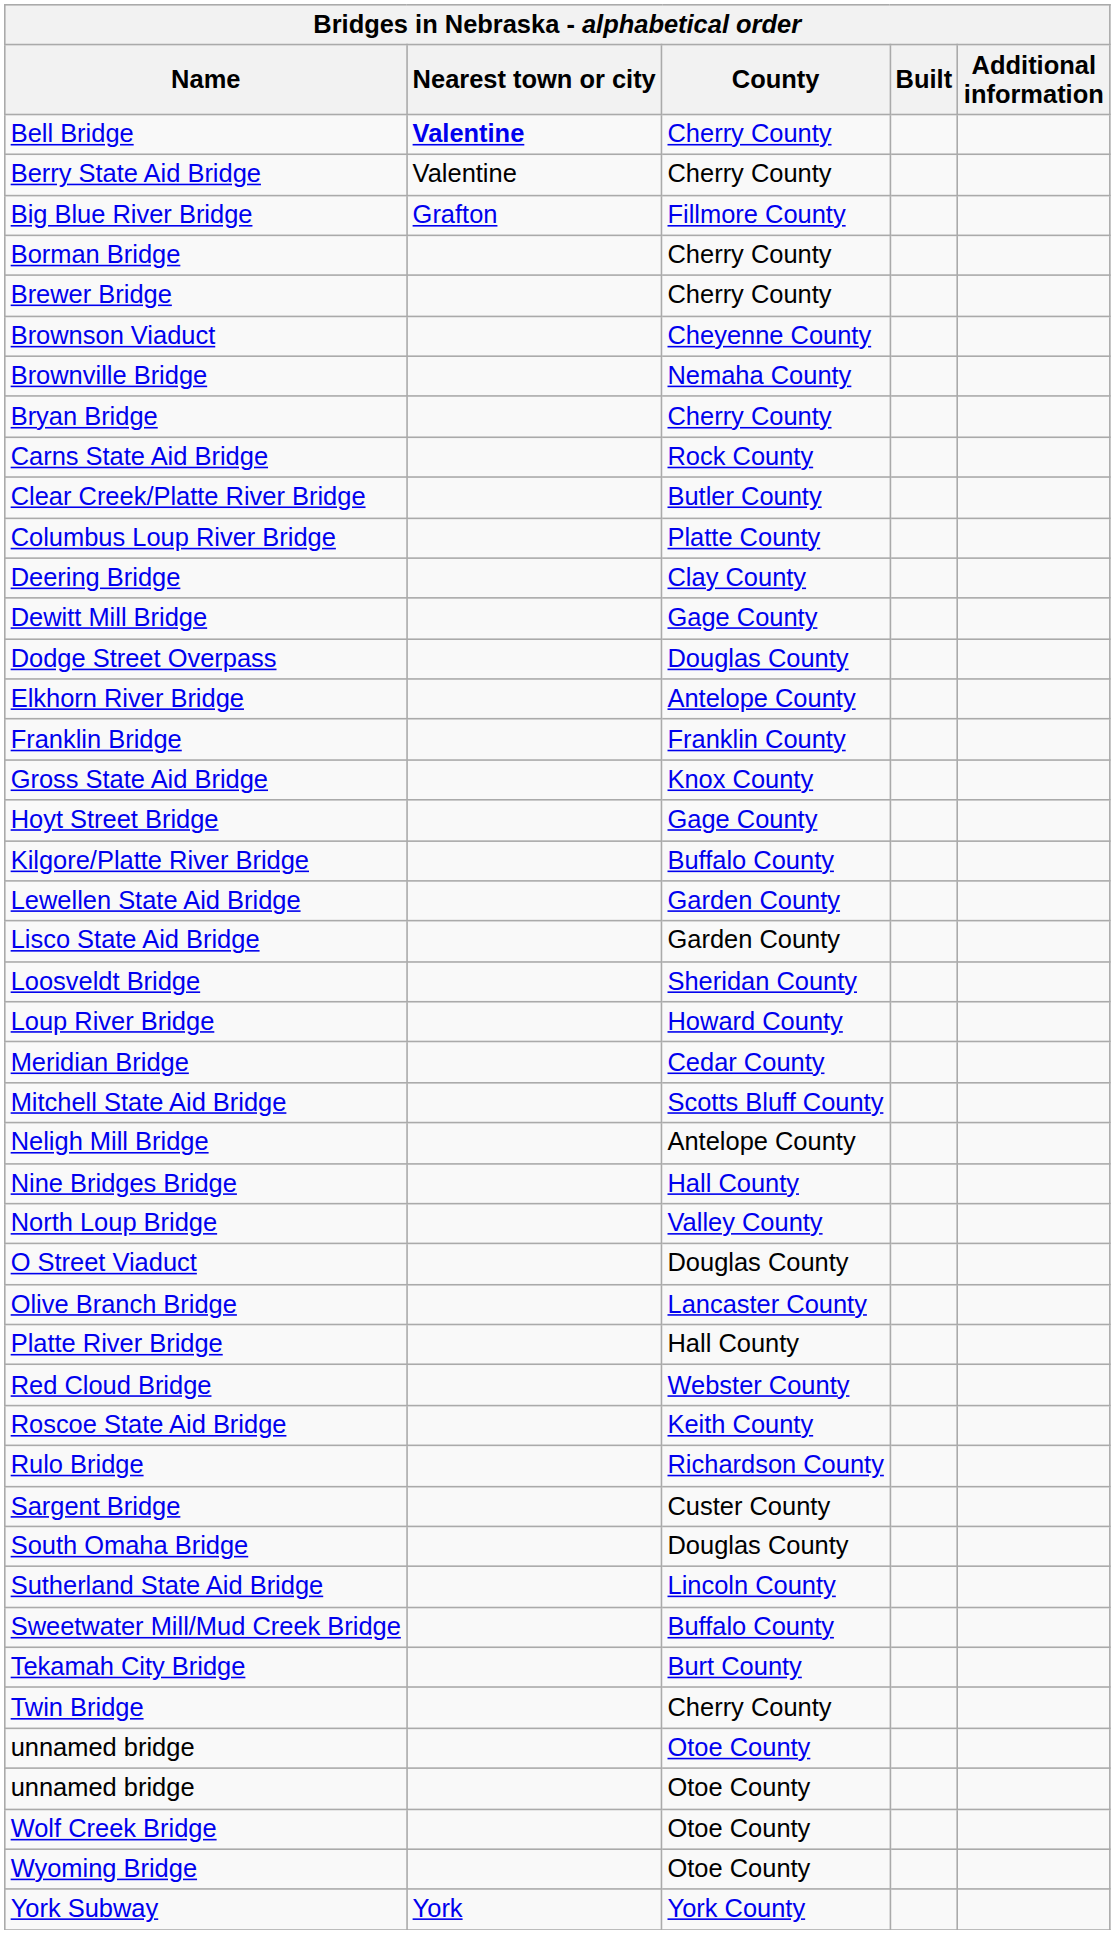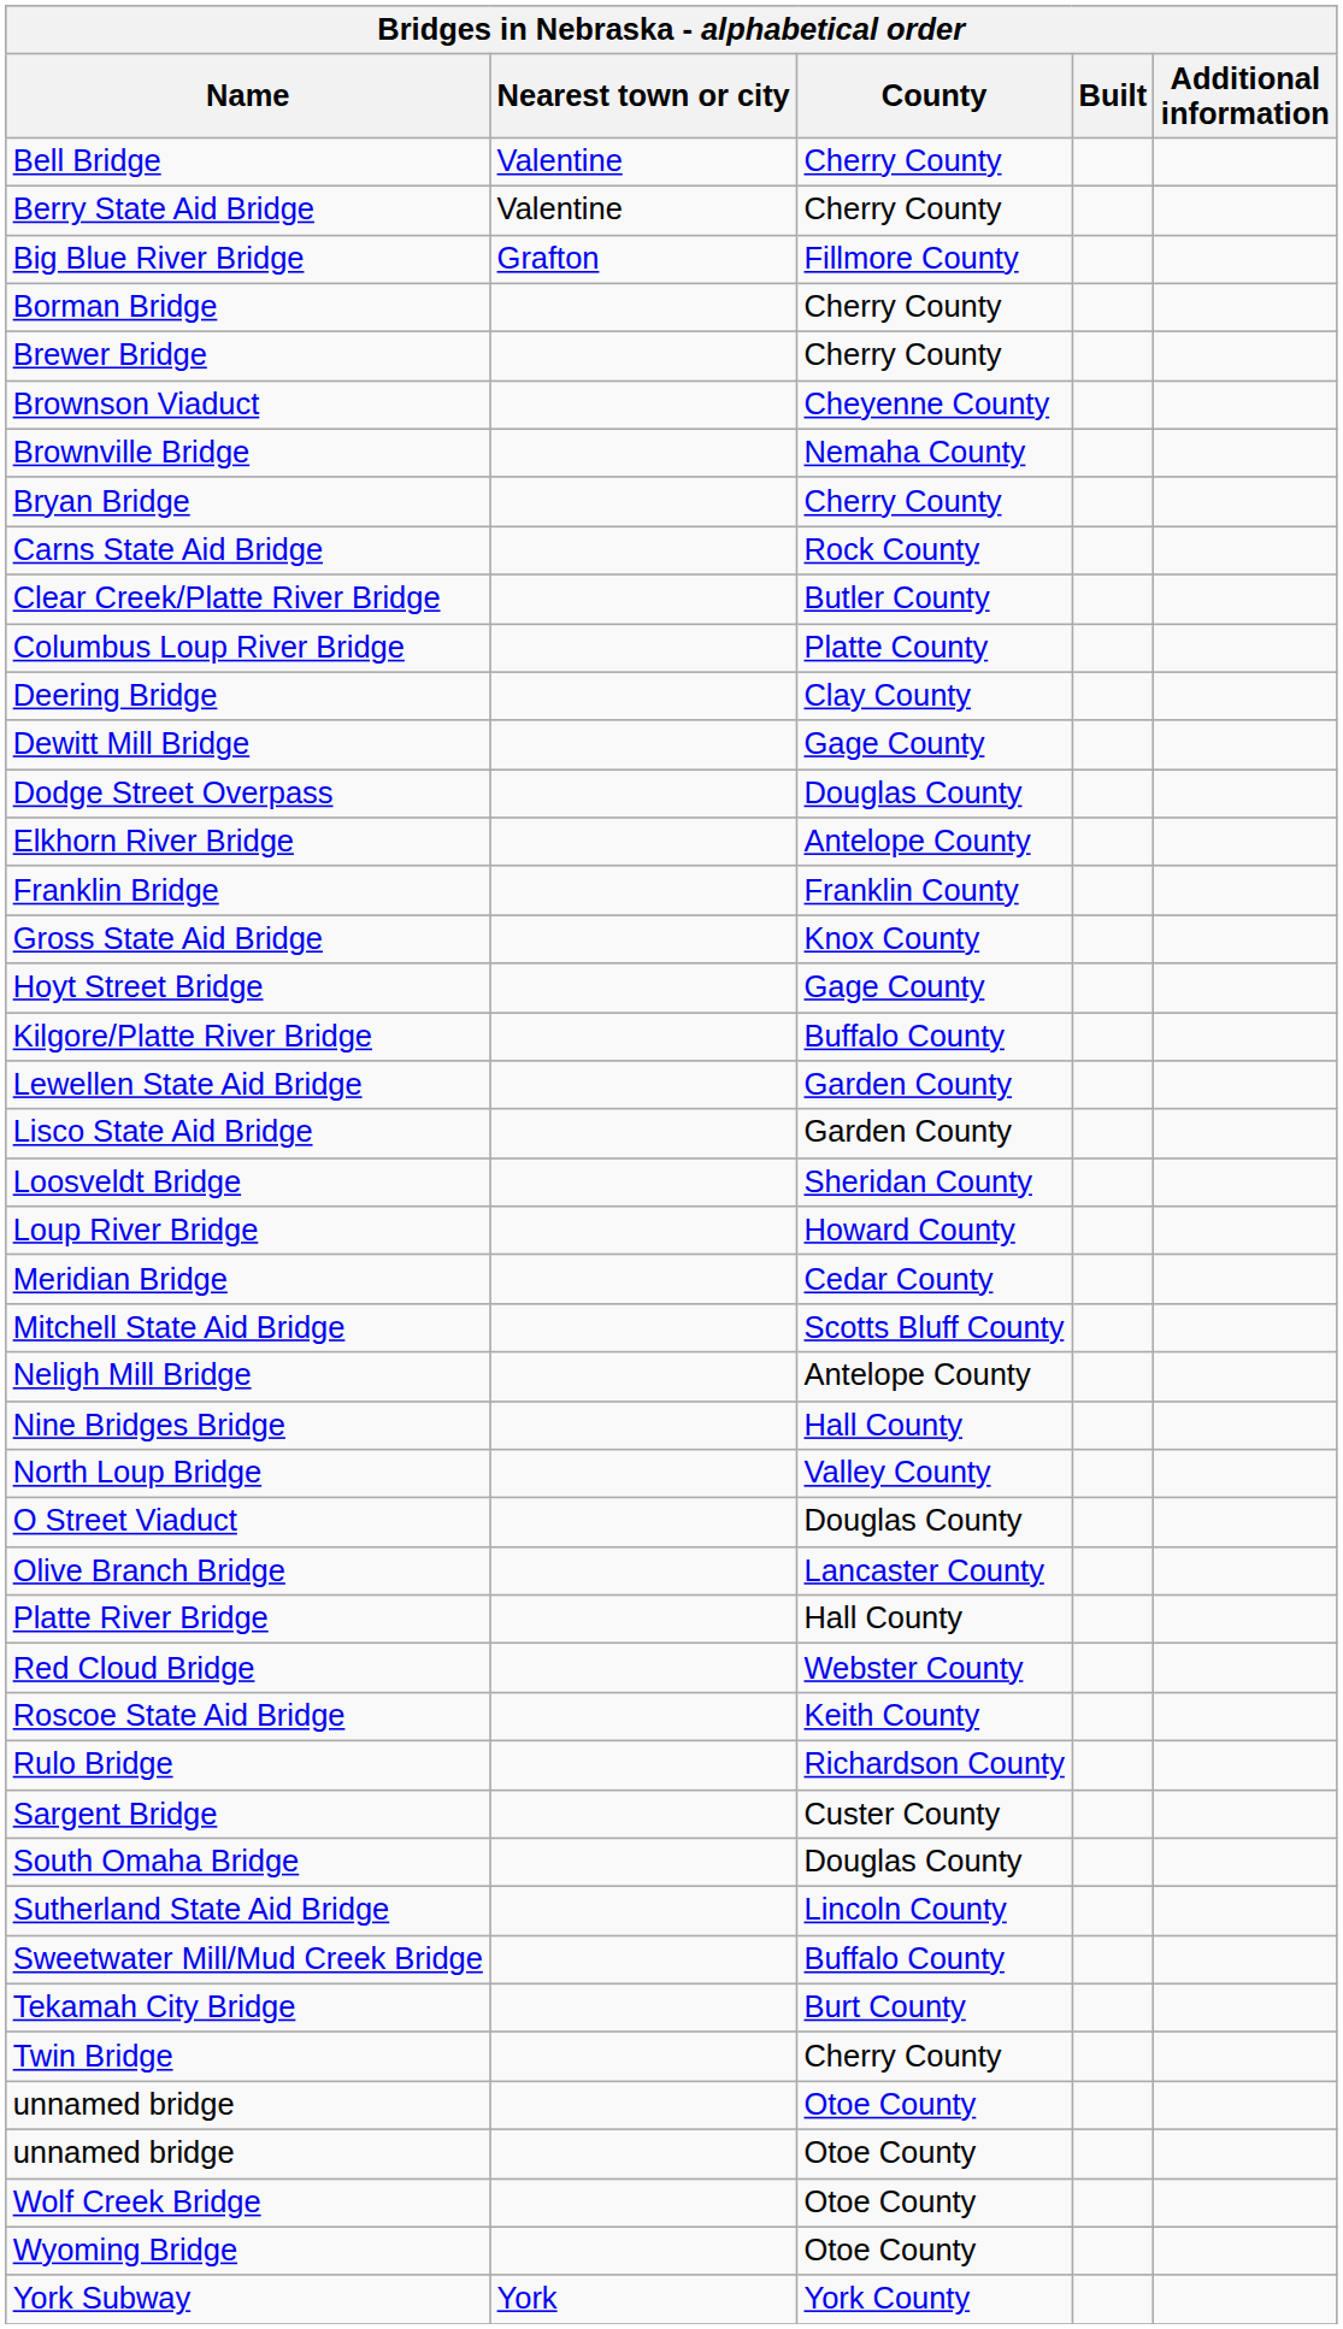 <table class="wikitable">
 <tr>
 <th align="center" colspan="6"><strong>Bridges in Nebraska</strong> - <em>alphabetical order</em></th>
 </tr>
 <tr>
 <th>Name</th>
 <th>Nearest town or city</th>
 <th>County</th>
 <th>Built</th>
 <th>Additional<br>information</th>
 </tr>
 <tr>
 <td><a href='#'>Bell Bridge</a></td>
-<td><strong><a href='#'>Valentine</a></strong></td>
+<td><a href='#'>Valentine</a></td>
 <td><a href='#'>Cherry County</a></td>
 <td></td>
 <td></td>
 </tr>
 <tr>
 <td><a href='#'>Berry State Aid Bridge</a></td>
 <td>Valentine</td>
 <td>Cherry County</td>
 <td></td>
 <td></td>
 </tr>
 <tr>
 <td><a href='#'>Big Blue River Bridge</a></td>
 <td><a href='#'>Grafton</a></td>
 <td><a href='#'>Fillmore County</a></td>
 <td></td>
 <td></td>
 </tr>
 <tr>
 <td><a href='#'>Borman Bridge</a></td>
 <td></td>
 <td>Cherry County</td>
 <td></td>
 <td></td>
 </tr>
 <tr>
 <td><a href='#'>Brewer Bridge</a></td>
 <td></td>
 <td>Cherry County</td>
 <td></td>
 <td></td>
 </tr>
 <tr>
 <td><a href='#'>Brownson Viaduct</a></td>
 <td></td>
 <td><a href='#'>Cheyenne County</a></td>
 <td></td>
 <td></td>
 </tr>
 <tr>
 <td><a href='#'>Brownville Bridge</a></td>
 <td></td>
 <td><a href='#'>Nemaha County</a></td>
 <td></td>
 <td></td>
 </tr>
 <tr>
 <td><a href='#'>Bryan Bridge</a></td>
 <td></td>
 <td><a href='#'>Cherry County</a></td>
 <td></td>
 <td></td>
 </tr>
 <tr>
 <td><a href='#'>Carns State Aid Bridge</a></td>
 <td></td>
 <td><a href='#'>Rock County</a></td>
 <td></td>
 <td></td>
 </tr>
 <tr>
 <td><a href='#'>Clear Creek/Platte River Bridge</a></td>
 <td></td>
 <td><a href='#'>Butler County</a></td>
 <td></td>
 <td></td>
 </tr>
 <tr>
 <td><a href='#'>Columbus Loup River Bridge</a></td>
 <td></td>
 <td><a href='#'>Platte County</a></td>
 <td></td>
 <td></td>
 </tr>
 <tr>
 <td><a href='#'>Deering Bridge</a></td>
 <td></td>
 <td><a href='#'>Clay County</a></td>
 <td></td>
 <td></td>
 </tr>
 <tr>
 <td><a href='#'>Dewitt Mill Bridge</a></td>
 <td></td>
 <td><a href='#'>Gage County</a></td>
 <td></td>
 <td></td>
 </tr>
 <tr>
 <td><a href='#'>Dodge Street Overpass</a></td>
 <td></td>
 <td><a href='#'>Douglas County</a></td>
 <td></td>
 <td></td>
 </tr>
 <tr>
 <td><a href='#'>Elkhorn River Bridge</a></td>
 <td></td>
 <td><a href='#'>Antelope County</a></td>
 <td></td>
 <td></td>
 </tr>
 <tr>
 <td><a href='#'>Franklin Bridge</a></td>
 <td></td>
 <td><a href='#'>Franklin County</a></td>
 <td></td>
 <td></td>
 </tr>
 <tr>
 <td><a href='#'>Gross State Aid Bridge</a></td>
 <td></td>
 <td><a href='#'>Knox County</a></td>
 <td></td>
 <td></td>
 </tr>
 <tr>
 <td><a href='#'>Hoyt Street Bridge</a></td>
 <td></td>
 <td><a href='#'>Gage County</a></td>
 <td></td>
 <td></td>
 </tr>
 <tr>
 <td><a href='#'>Kilgore/Platte River Bridge</a></td>
 <td></td>
 <td><a href='#'>Buffalo County</a></td>
 <td></td>
 <td></td>
 </tr>
 <tr>
 <td><a href='#'>Lewellen State Aid Bridge</a></td>
 <td></td>
 <td><a href='#'>Garden County</a></td>
 <td></td>
 <td></td>
 </tr>
 <tr>
 <td><a href='#'>Lisco State Aid Bridge</a></td>
 <td></td>
 <td>Garden County</td>
 <td></td>
 <td></td>
 </tr>
 <tr>
 <td><a href='#'>Loosveldt Bridge</a></td>
 <td></td>
 <td><a href='#'>Sheridan County</a></td>
 <td></td>
 <td></td>
 </tr>
 <tr>
 <td><a href='#'>Loup River Bridge</a></td>
 <td></td>
 <td><a href='#'>Howard County</a></td>
 <td></td>
 <td></td>
 </tr>
 <tr>
 <td><a href='#'>Meridian Bridge</a></td>
 <td></td>
 <td><a href='#'>Cedar County</a></td>
 <td></td>
 <td></td>
 </tr>
 <tr>
 <td><a href='#'>Mitchell State Aid Bridge</a></td>
 <td></td>
 <td><a href='#'>Scotts Bluff County</a></td>
 <td></td>
 <td></td>
 </tr>
 <tr>
 <td><a href='#'>Neligh Mill Bridge</a></td>
 <td></td>
 <td>Antelope County</td>
 <td></td>
 <td></td>
 </tr>
 <tr>
 <td><a href='#'>Nine Bridges Bridge</a></td>
 <td></td>
 <td><a href='#'>Hall County</a></td>
 <td></td>
 <td></td>
 </tr>
 <tr>
 <td><a href='#'>North Loup Bridge</a></td>
 <td></td>
 <td><a href='#'>Valley County</a></td>
 <td></td>
 <td></td>
 </tr>
 <tr>
 <td><a href='#'>O Street Viaduct</a></td>
 <td></td>
 <td>Douglas County</td>
 <td></td>
 <td></td>
 </tr>
 <tr>
 <td><a href='#'>Olive Branch Bridge</a></td>
 <td></td>
 <td><a href='#'>Lancaster County</a></td>
 <td></td>
 <td></td>
 </tr>
 <tr>
 <td><a href='#'>Platte River Bridge</a></td>
 <td></td>
 <td>Hall County</td>
 <td></td>
 <td></td>
 </tr>
 <tr>
 <td><a href='#'>Red Cloud Bridge</a></td>
 <td></td>
 <td><a href='#'>Webster County</a></td>
 <td></td>
 <td></td>
 </tr>
 <tr>
 <td><a href='#'>Roscoe State Aid Bridge</a></td>
 <td></td>
 <td><a href='#'>Keith County</a></td>
 <td></td>
 <td></td>
 </tr>
 <tr>
 <td><a href='#'>Rulo Bridge</a></td>
 <td></td>
 <td><a href='#'>Richardson County</a></td>
 <td></td>
 <td></td>
 </tr>
 <tr>
 <td><a href='#'>Sargent Bridge</a></td>
 <td></td>
 <td>Custer County</td>
 <td></td>
 <td></td>
 </tr>
 <tr>
 <td><a href='#'>South Omaha Bridge</a></td>
 <td></td>
 <td>Douglas County</td>
 <td></td>
 <td></td>
 </tr>
 <tr>
 <td><a href='#'>Sutherland State Aid Bridge</a></td>
 <td></td>
 <td><a href='#'>Lincoln County</a></td>
 <td></td>
 <td></td>
 </tr>
 <tr>
 <td><a href='#'>Sweetwater Mill/Mud Creek Bridge</a></td>
 <td></td>
 <td><a href='#'>Buffalo County</a></td>
 <td></td>
 <td></td>
 </tr>
 <tr>
 <td><a href='#'>Tekamah City Bridge</a></td>
 <td></td>
 <td><a href='#'>Burt County</a></td>
 <td></td>
 <td></td>
 </tr>
 <tr>
 <td><a href='#'>Twin Bridge</a></td>
 <td></td>
 <td>Cherry County</td>
 <td></td>
 <td></td>
 </tr>
 <tr>
 <td>unnamed bridge</td>
 <td></td>
 <td><a href='#'>Otoe County</a></td>
 <td></td>
 <td></td>
 </tr>
 <tr>
 <td>unnamed bridge</td>
 <td></td>
 <td>Otoe County</td>
 <td></td>
 <td></td>
 </tr>
 <tr>
 <td><a href='#'>Wolf Creek Bridge</a></td>
 <td></td>
 <td>Otoe County</td>
 <td></td>
 <td></td>
 </tr>
 <tr>
 <td><a href='#'>Wyoming Bridge</a></td>
 <td></td>
 <td>Otoe County</td>
 <td></td>
 <td></td>
 </tr>
 <tr>
 <td><a href='#'>York Subway</a></td>
 <td><a href='#'>York</a></td>
 <td><a href='#'>York County</a></td>
 <td></td>
 <td></td>
 </tr>
 <tr>
 </tr>
 </table>
